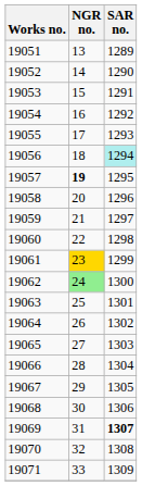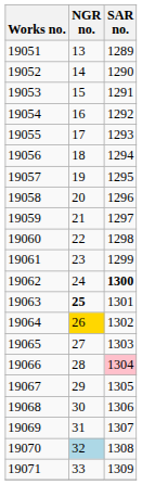 <table class="wikitable collapsible collapsed sortable" style="margin:0.5em auto; font-size:100%;">
 <tr>
 <th><br>Works no.</th>
 <th>NGR<br>no.</th>
 <th>SAR<br> no.</th>
 </tr>
 <tr>
 <td>19051</td>
 <td>13</td>
 <td>1289</td>
 </tr>
 <tr>
 <td>19052</td>
 <td>14</td>
 <td>1290</td>
 </tr>
 <tr>
 <td>19053</td>
 <td>15</td>
 <td>1291</td>
 </tr>
 <tr>
 <td>19054</td>
 <td>16</td>
 <td>1292</td>
 </tr>
 <tr>
 <td>19055</td>
 <td>17</td>
 <td>1293</td>
 </tr>
 <tr>
 <td>19056</td>
 <td>18</td>
-<td style="background: paleturquoise;">1294</td>
+<td>1294</td>
 </tr>
 <tr>
 <td>19057</td>
-<td><strong>19</strong></td>
+<td>19</td>
 <td>1295</td>
 </tr>
 <tr>
 <td>19058</td>
 <td>20</td>
 <td>1296</td>
 </tr>
 <tr>
 <td>19059</td>
 <td>21</td>
 <td>1297</td>
 </tr>
 <tr>
 <td>19060</td>
 <td>22</td>
 <td>1298</td>
 </tr>
 <tr>
 <td>19061</td>
-<td style="background: gold;">23</td>
+<td>23</td>
 <td>1299</td>
 </tr>
 <tr>
 <td>19062</td>
-<td style="background: lightgreen;">24</td>
-<td>1300</td>
+<td>24</td>
+<td><strong>1300</strong></td>
 </tr>
 <tr>
 <td>19063</td>
-<td>25</td>
+<td><strong>25</strong></td>
 <td>1301</td>
 </tr>
 <tr>
 <td>19064</td>
-<td>26</td>
+<td style="background: gold;">26</td>
 <td>1302</td>
 </tr>
 <tr>
 <td>19065</td>
 <td>27</td>
 <td>1303</td>
 </tr>
 <tr>
 <td>19066</td>
 <td>28</td>
-<td>1304</td>
+<td style="background: pink;">1304</td>
 </tr>
 <tr>
 <td>19067</td>
 <td>29</td>
 <td>1305</td>
 </tr>
 <tr>
 <td>19068</td>
 <td>30</td>
 <td>1306</td>
 </tr>
 <tr>
 <td>19069</td>
 <td>31</td>
-<td><strong>1307</strong></td>
+<td>1307</td>
 </tr>
 <tr>
 <td>19070</td>
-<td>32</td>
+<td style="background: lightblue;">32</td>
 <td>1308</td>
 </tr>
 <tr>
 <td>19071</td>
 <td>33</td>
 <td>1309</td>
 </tr>
 <tr>
 </tr>
 </table>
